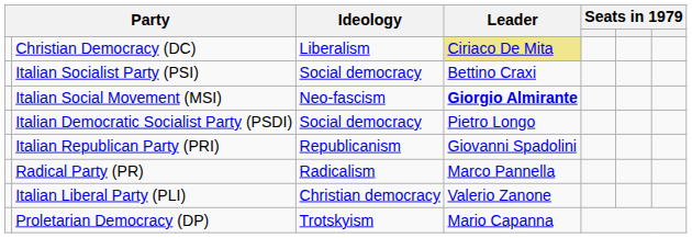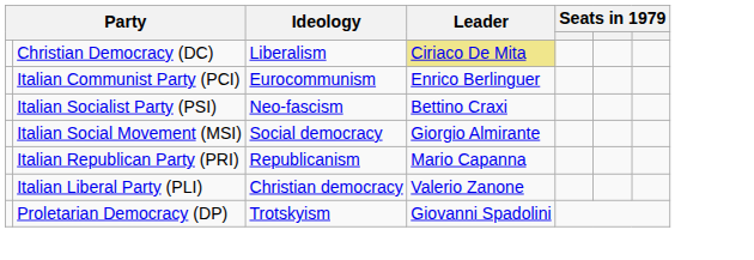 <table class=wikitable style="text-align:left">
 <tr>
 <th colspan=2  rowspan="2">Party</th>
 <th rowspan="2">Ideology</th>
 <th rowspan="2">Leader</th>
 <th colspan="3">Seats in 1979</th>
 </tr>
 <tr>
 <th></th>
 <th></th>
 <th></th>
 </tr>
 <tr>
 <td></td>
 <td><a href='#'>Christian Democracy</a> (DC)</td>
 <td><a href='#'>Liberalism</a></td>
 <td style="background: khaki;"><a href='#'>Ciriaco De Mita</a></td>
 <td></td>
 <td></td>
 <td></td>
 </tr>
 <tr>
 <td></td>
+<td><a href='#'>Italian Communist Party</a> (PCI)</td>
+<td><a href='#'>Eurocommunism</a></td>
+<td><a href='#'>Enrico Berlinguer</a></td>
+<td></td>
+<td></td>
+<td></td>
+</tr>
+<tr>
+<td></td>
 <td><a href='#'>Italian Socialist Party</a> (PSI)</td>
-<td><a href='#'>Social democracy</a></td>
+<td><a href='#'>Neo-fascism</a></td>
 <td><a href='#'>Bettino Craxi</a></td>
 <td></td>
 <td></td>
 <td></td>
 </tr>
 <tr>
 <td></td>
 <td><a href='#'>Italian Social Movement</a> (MSI)</td>
-<td><a href='#'>Neo-fascism</a></td>
-<td><strong><a href='#'>Giorgio Almirante</a></strong></td>
-<td></td>
-<td></td>
-<td></td>
-</tr>
-<tr>
-<td></td>
-<td><a href='#'>Italian Democratic Socialist Party</a> (PSDI)</td>
 <td><a href='#'>Social democracy</a></td>
-<td><a href='#'>Pietro Longo</a></td>
+<td><a href='#'>Giorgio Almirante</a></td>
 <td></td>
 <td></td>
 <td></td>
 </tr>
 <tr>
 <td></td>
 <td><a href='#'>Italian Republican Party</a> (PRI)</td>
 <td><a href='#'>Republicanism</a></td>
-<td><a href='#'>Giovanni Spadolini</a></td>
-<td></td>
-<td></td>
-<td></td>
-</tr>
-<tr>
-<td></td>
-<td><a href='#'>Radical Party</a> (PR)</td>
-<td><a href='#'>Radicalism</a></td>
-<td><a href='#'>Marco Pannella</a></td>
+<td><a href='#'>Mario Capanna</a></td>
 <td></td>
 <td></td>
 <td></td>
 </tr>
 <tr>
 <td></td>
 <td><a href='#'>Italian Liberal Party</a> (PLI)</td>
 <td><a href='#'>Christian democracy</a></td>
 <td><a href='#'>Valerio Zanone</a></td>
 <td></td>
 <td></td>
 <td></td>
 </tr>
 <tr>
 <td></td>
 <td><a href='#'>Proletarian Democracy</a> (DP)</td>
 <td><a href='#'>Trotskyism</a></td>
-<td><a href='#'>Mario Capanna</a></td>
+<td><a href='#'>Giovanni Spadolini</a></td>
 <td colspan=3></td>
 </tr>
 </table>
